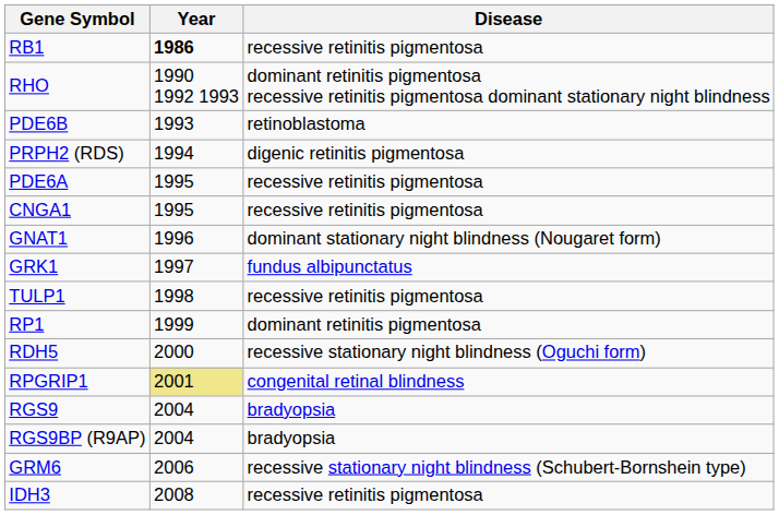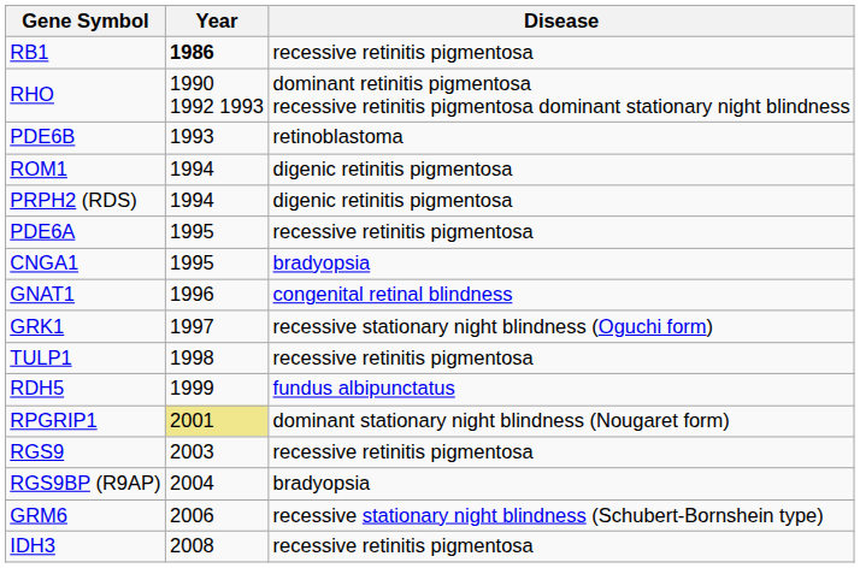 <table class="wikitable">
 <tr>
 <th>Gene Symbol</th>
 <th>Year</th>
 <th>Disease</th>
 </tr>
 <tr>
 <td><a href='#'>RB1</a></td>
 <td><strong>1986</strong></td>
 <td>recessive retinitis pigmentosa</td>
 </tr>
 <tr>
 <td><a href='#'>RHO</a></td>
 <td>1990<br>1992 1993</td>
 <td>dominant retinitis pigmentosa<br>recessive retinitis pigmentosa dominant stationary night blindness</td>
 </tr>
 <tr>
 <td><a href='#'>PDE6B</a></td>
 <td>1993</td>
 <td>retinoblastoma</td>
 </tr>
 <tr>
+<td><a href='#'>ROM1</a></td>
+<td>1994</td>
+<td>digenic retinitis pigmentosa</td>
+</tr>
+<tr>
 <td><a href='#'>PRPH2</a> (RDS)</td>
 <td>1994</td>
 <td>digenic retinitis pigmentosa</td>
 </tr>
 <tr>
 <td><a href='#'>PDE6A</a></td>
 <td>1995</td>
 <td>recessive retinitis pigmentosa</td>
 </tr>
 <tr>
 <td><a href='#'>CNGA1</a></td>
 <td>1995</td>
-<td>recessive retinitis pigmentosa</td>
+<td><a href='#'>bradyopsia</a></td>
 </tr>
 <tr>
 <td><a href='#'>GNAT1</a></td>
 <td>1996</td>
-<td>dominant stationary night blindness (Nougaret form)</td>
+<td><a href='#'>congenital retinal blindness</a></td>
 </tr>
 <tr>
 <td><a href='#'>GRK1</a></td>
 <td>1997</td>
-<td><a href='#'>fundus albipunctatus</a></td>
+<td>recessive stationary night blindness (<a href='#'>Oguchi form</a>)</td>
 </tr>
 <tr>
 <td><a href='#'>TULP1</a></td>
 <td>1998</td>
 <td>recessive retinitis pigmentosa</td>
 </tr>
 <tr>
-<td><a href='#'>RP1</a></td>
+<td><a href='#'>RDH5</a></td>
 <td>1999</td>
-<td>dominant retinitis pigmentosa</td>
-</tr>
-<tr>
-<td><a href='#'>RDH5</a></td>
-<td>2000</td>
-<td>recessive stationary night blindness (<a href='#'>Oguchi form</a>)</td>
+<td><a href='#'>fundus albipunctatus</a></td>
 </tr>
 <tr>
 <td><a href='#'>RPGRIP1</a></td>
 <td style="background: khaki;">2001</td>
-<td><a href='#'>congenital retinal blindness</a></td>
+<td>dominant stationary night blindness (Nougaret form)</td>
 </tr>
 <tr>
 <td><a href='#'>RGS9</a></td>
-<td>2004</td>
-<td><a href='#'>bradyopsia</a></td>
+<td>2003</td>
+<td>recessive retinitis pigmentosa</td>
 </tr>
 <tr>
 <td><a href='#'>RGS9BP</a> (R9AP)</td>
 <td>2004</td>
 <td>bradyopsia</td>
 </tr>
 <tr>
 <td><a href='#'>GRM6</a></td>
 <td>2006</td>
 <td>recessive <a href='#'>stationary night blindness</a> (Schubert-Bornshein type)</td>
 </tr>
 <tr>
 <td><a href='#'>IDH3</a></td>
 <td>2008</td>
 <td>recessive retinitis pigmentosa</td>
 </tr>
 </table>
